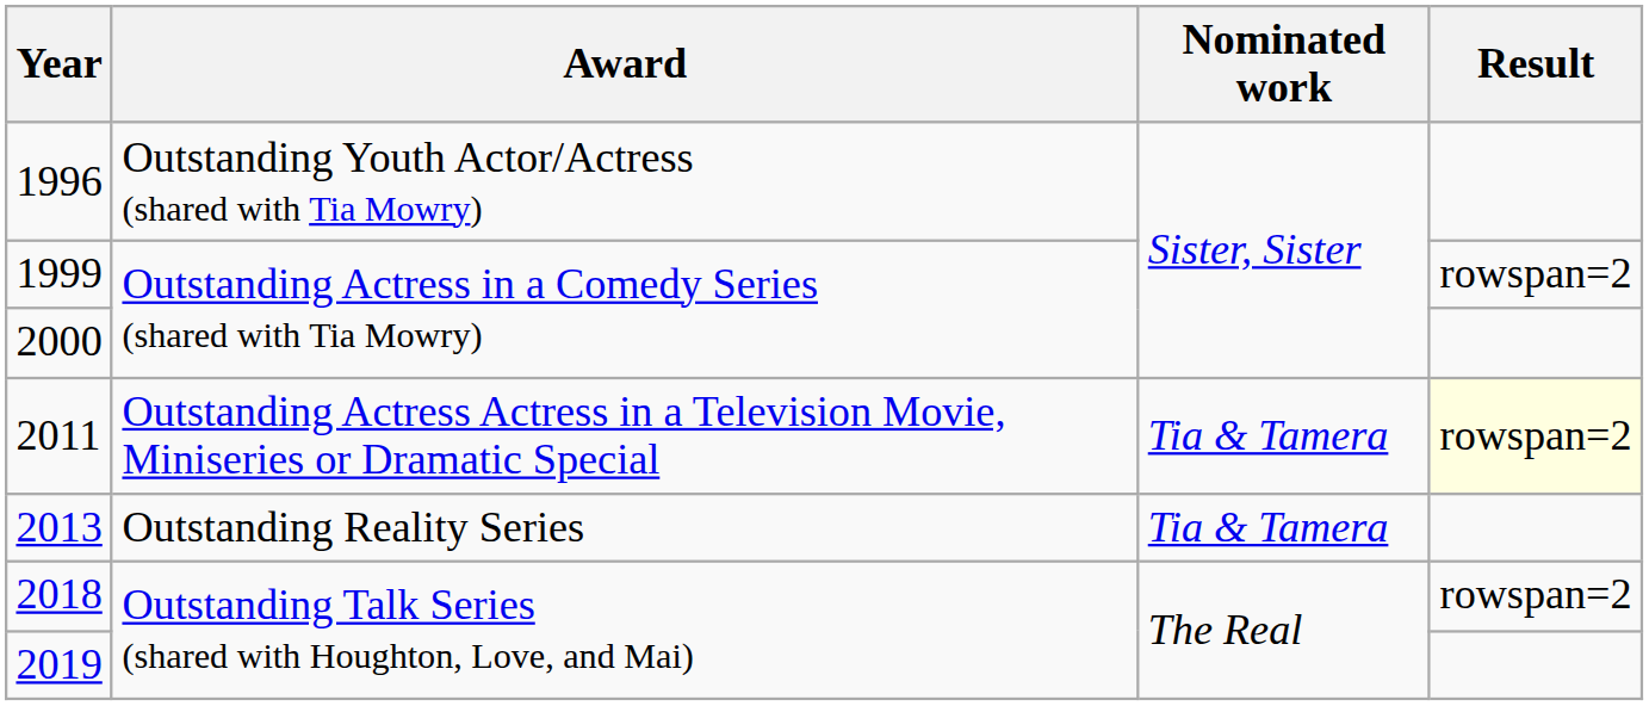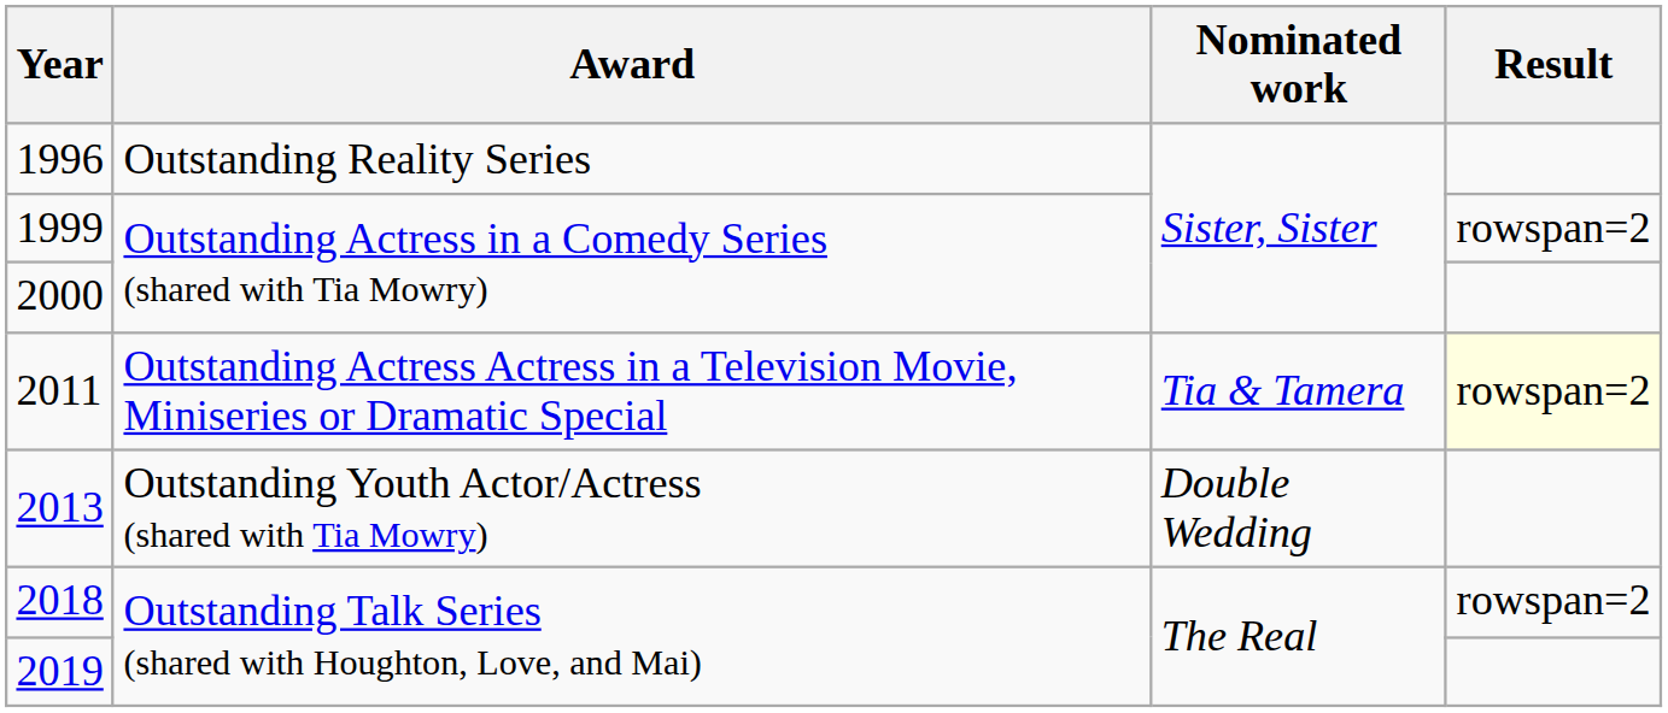 <table class="wikitable">
 <tr>
 <th>Year</th>
 <th>Award</th>
 <th>Nominated work</th>
 <th>Result</th>
 </tr>
 <tr>
 <td>1996</td>
-<td>Outstanding Youth Actor/Actress<br><small>(shared with <a href='#'>Tia Mowry</a>)</small></td>
+<td>Outstanding Reality Series</td>
 <td rowspan=3><em><a href='#'>Sister, Sister</a></em></td>
 <td></td>
 </tr>
 <tr>
 <td>1999</td>
 <td rowspan=2><a href='#'>Outstanding Actress in a Comedy Series</a><br><small>(shared with Tia Mowry)</small></td>
 <td>rowspan=2 </td>
 </tr>
 <tr>
 <td>2000</td>
 </tr>
 <tr>
 <td>2011</td>
 <td><a href='#'>Outstanding Actress Actress in a Television Movie, Miniseries or Dramatic Special</a></td>
 <td><em><a href='#'>Tia & Tamera</a></em></td>
 <td style="background: lightyellow;">rowspan=2 </td>
 </tr>
 <tr>
 <td><a href='#'>2013</a></td>
-<td>Outstanding Reality Series</td>
-<td><em><a href='#'>Tia & Tamera</a></em></td>
+<td>Outstanding Youth Actor/Actress<br><small>(shared with <a href='#'>Tia Mowry</a>)</small></td>
+<td><em>Double Wedding</em></td>
 </tr>
 <tr>
 <td><a href='#'>2018</a></td>
 <td rowspan=2><a href='#'>Outstanding Talk Series</a><br><small>(shared with Houghton, Love, and Mai)</small></td>
 <td rowspan=2><em>The Real</em></td>
 <td>rowspan=2 </td>
 </tr>
 <tr>
 <td><a href='#'>2019</a></td>
 </tr>
 </table>
